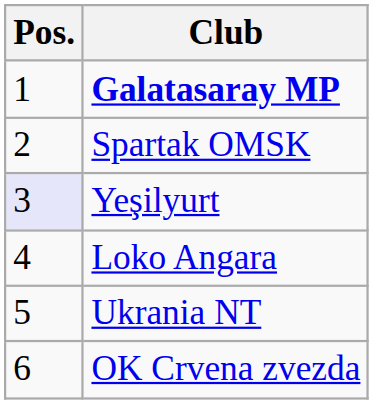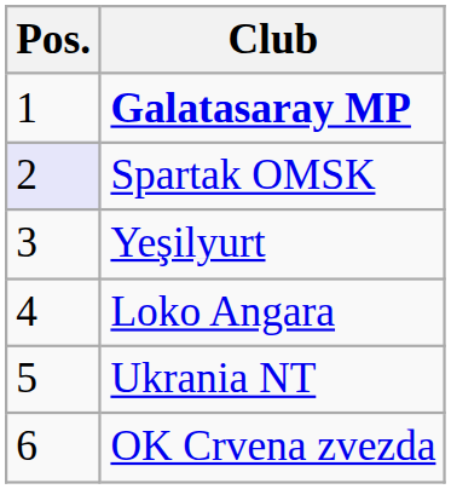 <table class="wikitable">
 <tr>
 <th>Pos.</th>
 <th>Club</th>
 </tr>
 <tr>
 <td>1</td>
 <td> <strong><a href='#'>Galatasaray MP</a></strong></td>
 </tr>
 <tr>
-<td>2</td>
+<td style="background: lavender;">2</td>
 <td> <a href='#'>Spartak OMSK</a></td>
 </tr>
 <tr>
-<td style="background: lavender;">3</td>
+<td>3</td>
 <td> <a href='#'>Yeşilyurt</a></td>
 </tr>
 <tr>
 <td>4</td>
 <td> <a href='#'>Loko Angara</a></td>
 </tr>
 <tr>
 <td>5</td>
 <td> <a href='#'>Ukrania NT</a></td>
 </tr>
 <tr>
 <td>6</td>
 <td> <a href='#'>OK Crvena zvezda</a></td>
 </tr>
 </table>
